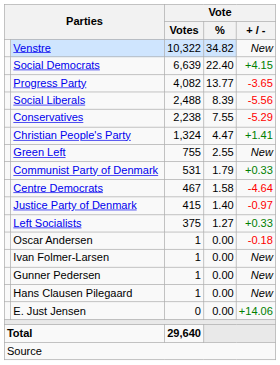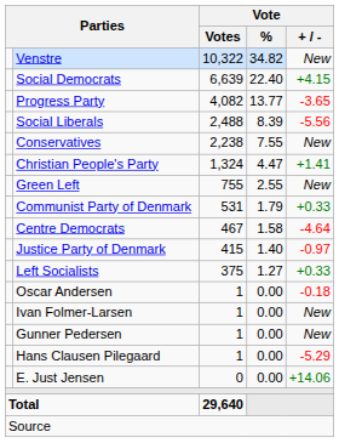 <table class="wikitable" style="text-align:right;">
 <tr>
 <th style="text-align:centre;" rowspan="2" colspan="2" width="225">Parties</th>
 <th colspan="3">Vote</th>
 </tr>
 <tr>
 <th width="15">Votes</th>
 <th width="15">%</th>
 <th width="15">+ / -</th>
 </tr>
 <tr>
 <td width="2" style="color:inherit;background:"></td>
 <td bgcolor=#cfe5fe  align="left"><a href='#'>Venstre</a></td>
 <td bgcolor=#cfe5fe>10,322</td>
 <td bgcolor=#cfe5fe>34.82</td>
 <td><em>New</em></td>
 </tr>
 <tr>
 <td width="2" style="color:inherit;background:"></td>
 <td align="left"><a href='#'>Social Democrats</a></td>
 <td>6,639</td>
 <td>22.40</td>
 <td style=color:green;>+4.15</td>
 </tr>
 <tr>
 <td width="2" style="color:inherit;background:"></td>
 <td align="left"><a href='#'>Progress Party</a></td>
 <td>4,082</td>
 <td>13.77</td>
 <td style=color:red;>-3.65</td>
 </tr>
 <tr>
 <td width="2" style="color:inherit;background:"></td>
 <td align="left"><a href='#'>Social Liberals</a></td>
 <td>2,488</td>
 <td>8.39</td>
 <td style=color:red;>-5.56</td>
 </tr>
 <tr>
 <td width="2" style="color:inherit;background:"></td>
 <td align="left"><a href='#'>Conservatives</a></td>
 <td>2,238</td>
 <td>7.55</td>
-<td style=color:red;>-5.29</td>
+<td><em>New</em></td>
 </tr>
 <tr>
 <td width="2" style="color:inherit;background:"></td>
 <td align="left"><a href='#'>Christian People's Party</a></td>
 <td>1,324</td>
 <td>4.47</td>
 <td style=color:green;>+1.41</td>
 </tr>
 <tr>
 <td width="2" style="color:inherit;background:"></td>
 <td align="left"><a href='#'>Green Left</a></td>
 <td>755</td>
 <td>2.55</td>
 <td><em>New</em></td>
 </tr>
 <tr>
 <td width="2" style="color:inherit;background:"></td>
 <td align="left"><a href='#'>Communist Party of Denmark</a></td>
 <td>531</td>
 <td>1.79</td>
 <td style=color:green;>+0.33</td>
 </tr>
 <tr>
 <td width="2" style="color:inherit;background:"></td>
 <td align="left"><a href='#'>Centre Democrats</a></td>
 <td>467</td>
 <td>1.58</td>
 <td style=color:red;>-4.64</td>
 </tr>
 <tr>
 <td width="2" style="color:inherit;background:"></td>
 <td align="left"><a href='#'>Justice Party of Denmark</a></td>
 <td>415</td>
 <td>1.40</td>
 <td style=color:red;>-0.97</td>
 </tr>
 <tr>
 <td width="2" style="color:inherit;background:"></td>
 <td align="left"><a href='#'>Left Socialists</a></td>
 <td>375</td>
 <td>1.27</td>
 <td style=color:green;>+0.33</td>
 </tr>
 <tr>
 <td width="2" style="color:inherit;background:"></td>
 <td align="left">Oscar Andersen</td>
 <td>1</td>
 <td>0.00</td>
 <td style=color:red;>-0.18</td>
 </tr>
 <tr>
 <td width="2" style="color:inherit;background:"></td>
 <td align="left">Ivan Folmer-Larsen</td>
 <td>1</td>
 <td>0.00</td>
 <td><em>New</em></td>
 </tr>
 <tr>
 <td width="2" style="color:inherit;background:"></td>
 <td align="left">Gunner Pedersen</td>
 <td>1</td>
 <td>0.00</td>
 <td><em>New</em></td>
 </tr>
 <tr>
 <td width="2" style="color:inherit;background:"></td>
 <td align="left">Hans Clausen Pilegaard</td>
 <td>1</td>
 <td>0.00</td>
-<td><em>New</em></td>
+<td style=color:red;>-5.29</td>
 </tr>
 <tr>
 <td width="2" style="color:inherit;background:"></td>
 <td align="left">E. Just Jensen</td>
 <td>0</td>
 <td>0.00</td>
 <td style=color:green;>+14.06</td>
 </tr>
 <tr>
 <td colspan="7" bgcolor="#E9E9E9"></td>
 </tr>
 <tr>
 <td align="left" colspan="2"><strong>Total</strong></td>
 <td><strong>29,640</strong></td>
 <td bgcolor="#E9E9E9" colspan="2"></td>
 </tr>
 <tr>
 <td align="left" colspan="6">Source</td>
 </tr>
 </table>
